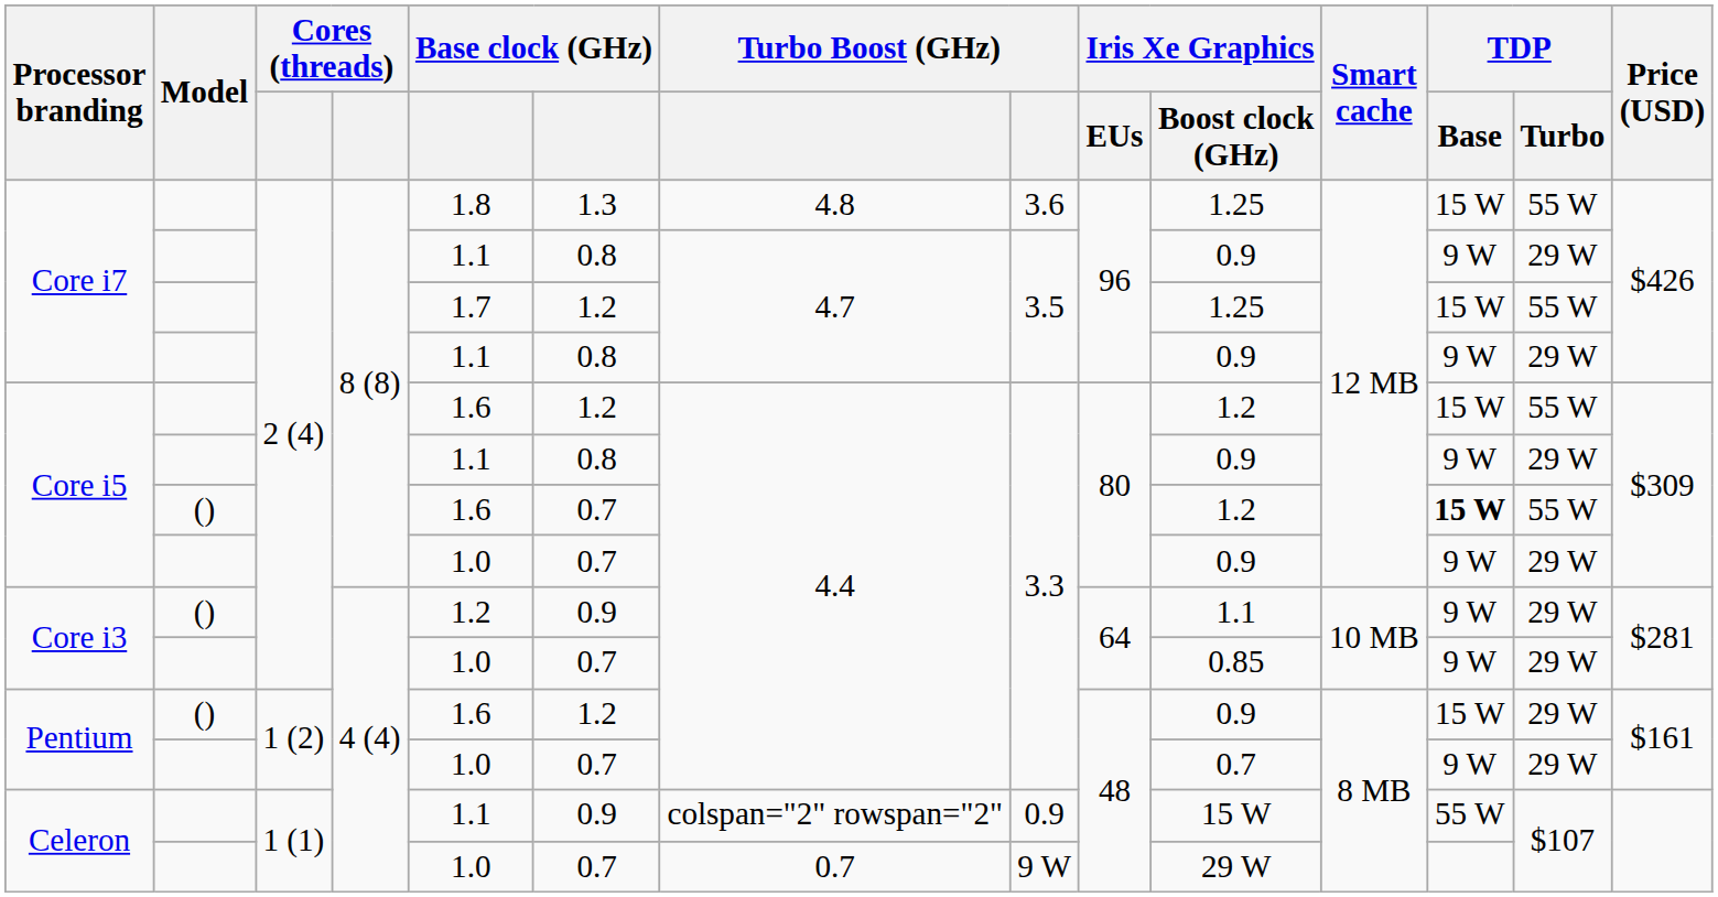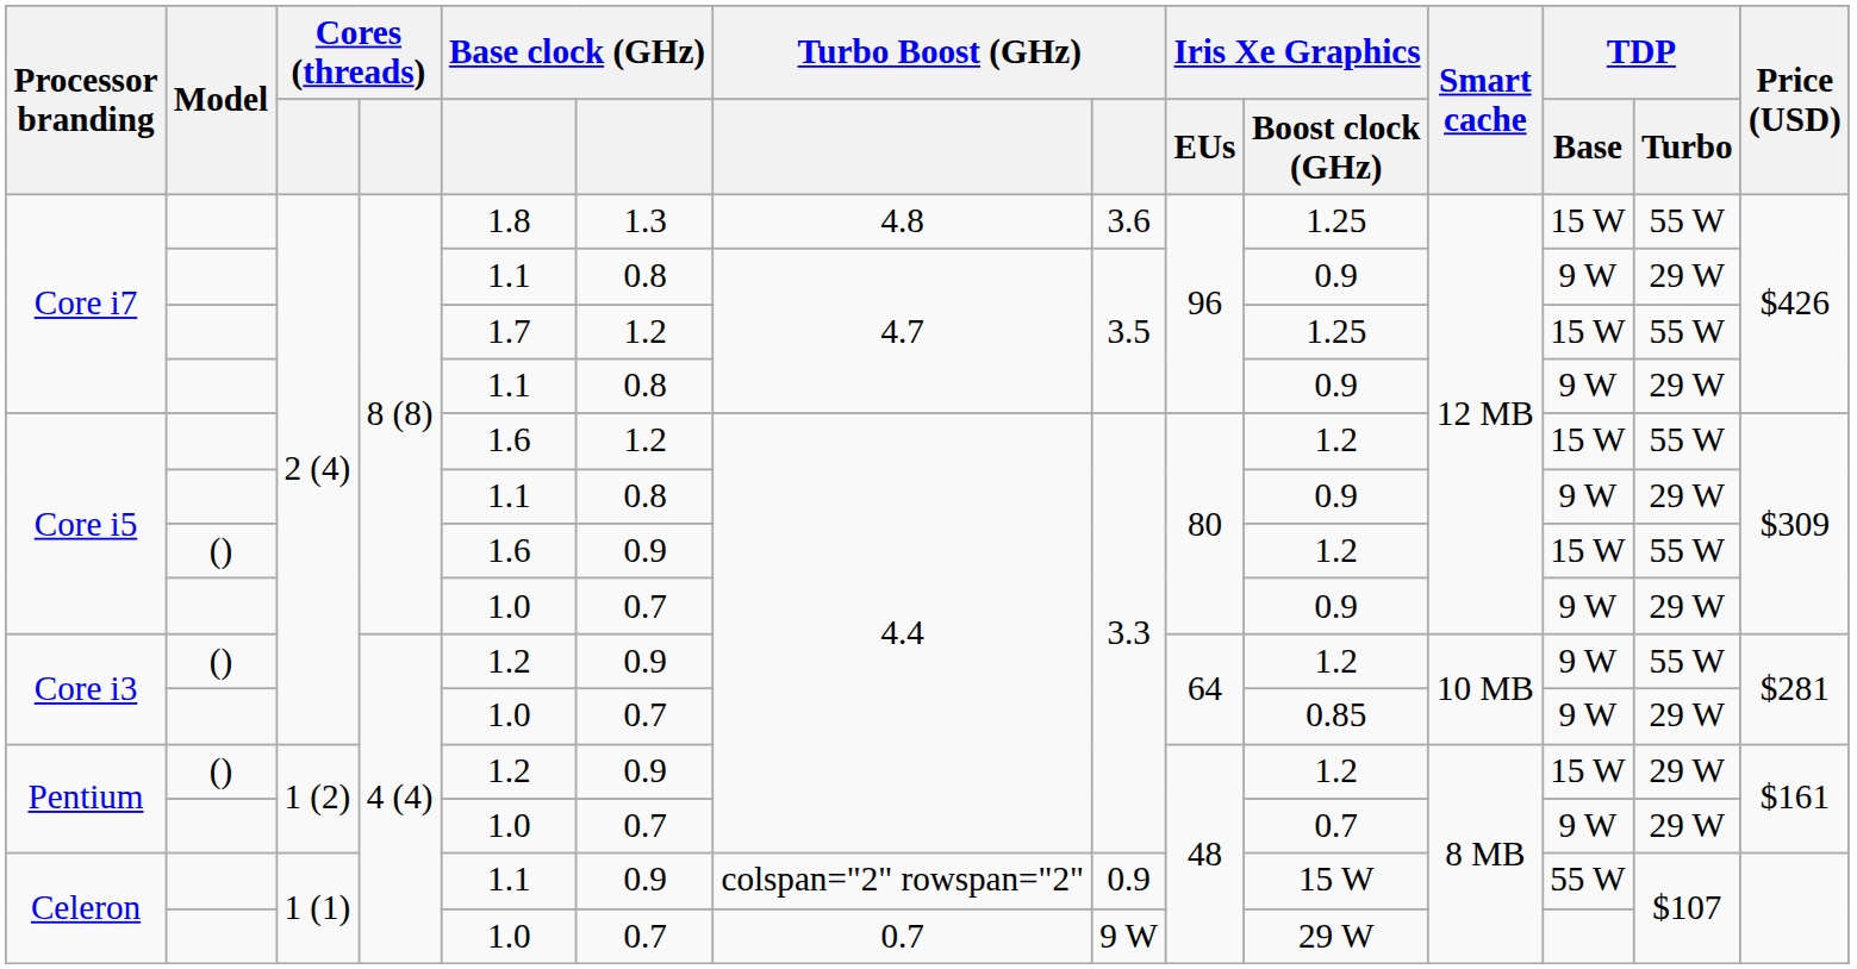 <table class="wikitable sortable" style="text-align:center;">
 <tr>
 <th rowspan="2">Processor <br> branding</th>
 <th rowspan="2">Model</th>
 <th colspan="2"><a href='#'>Cores</a><br>(<a href='#'>threads</a>)</th>
 <th colspan="2"><a href='#'>Base clock</a> (GHz)</th>
 <th colspan="2"><a href='#'>Turbo Boost</a> (GHz)</th>
 <th colspan="2"><a href='#'>Iris Xe Graphics</a></th>
 <th rowspan="2"><a href='#'>Smart <br> cache</a></th>
 <th colspan="2"><a href='#'>TDP</a></th>
 <th rowspan="2">Price <br> (USD)</th>
 </tr>
 <tr>
 <th></th>
 <th></th>
 <th></th>
 <th></th>
 <th></th>
 <th></th>
 <th>EUs</th>
 <th>Boost clock<br>(GHz)</th>
 <th>Base</th>
 <th>Turbo</th>
 </tr>
 <tr>
 <td rowspan="4"><a href='#'>Core i7</a></td>
 <td></td>
 <td rowspan="10">2 (4)</td>
 <td rowspan="8">8 (8)</td>
 <td>1.8</td>
 <td>1.3</td>
 <td>4.8</td>
 <td>3.6</td>
 <td rowspan="4">96</td>
 <td>1.25</td>
 <td rowspan="8">12 MB</td>
 <td>15 W</td>
 <td>55 W</td>
 <td rowspan="4">$426</td>
 </tr>
 <tr>
 <td></td>
 <td>1.1</td>
 <td>0.8</td>
 <td rowspan="3">4.7</td>
 <td rowspan="3">3.5</td>
 <td>0.9</td>
 <td>9 W</td>
 <td>29 W</td>
 </tr>
 <tr>
 <td></td>
 <td>1.7</td>
 <td>1.2</td>
 <td>1.25</td>
 <td>15 W</td>
 <td>55 W</td>
 </tr>
 <tr>
 <td></td>
 <td>1.1</td>
 <td>0.8</td>
 <td>0.9</td>
 <td>9 W</td>
 <td>29 W</td>
 </tr>
 <tr>
 <td rowspan="4"><a href='#'>Core i5</a></td>
 <td></td>
 <td>1.6</td>
 <td>1.2</td>
 <td rowspan="8">4.4</td>
 <td rowspan="8">3.3</td>
 <td rowspan="4">80</td>
 <td>1.2</td>
 <td>15 W</td>
 <td>55 W</td>
 <td rowspan="4">$309</td>
 </tr>
 <tr>
 <td></td>
 <td>1.1</td>
 <td>0.8</td>
 <td>0.9</td>
 <td>9 W</td>
 <td>29 W</td>
 </tr>
 <tr>
 <td> ()</td>
 <td>1.6</td>
-<td>0.7</td>
+<td>0.9</td>
 <td>1.2</td>
-<td><strong>15 W</strong></td>
+<td>15 W</td>
 <td>55 W</td>
 </tr>
 <tr>
 <td></td>
 <td>1.0</td>
 <td>0.7</td>
 <td>0.9</td>
 <td>9 W</td>
 <td>29 W</td>
 </tr>
 <tr>
 <td rowspan="2"><a href='#'>Core i3</a></td>
 <td> ()</td>
 <td rowspan="6">4 (4)</td>
 <td>1.2</td>
 <td>0.9</td>
 <td rowspan="2">64</td>
-<td>1.1</td>
+<td>1.2</td>
 <td rowspan="2">10 MB</td>
 <td>9 W</td>
-<td>29 W</td>
+<td>55 W</td>
 <td rowspan="2">$281</td>
 </tr>
 <tr>
 <td></td>
 <td>1.0</td>
 <td>0.7</td>
 <td>0.85</td>
 <td>9 W</td>
 <td>29 W</td>
 </tr>
 <tr>
 <td rowspan="2"><a href='#'>Pentium</a></td>
 <td> ()</td>
 <td rowspan="2">1 (2)</td>
-<td>1.6</td>
 <td>1.2</td>
+<td>0.9</td>
 <td rowspan="4">48</td>
-<td>0.9</td>
+<td>1.2</td>
 <td rowspan="4">8 MB</td>
 <td>15 W</td>
 <td>29 W</td>
 <td rowspan="2">$161</td>
 </tr>
 <tr>
 <td></td>
 <td>1.0</td>
 <td>0.7</td>
 <td>0.7</td>
 <td>9 W</td>
 <td>29 W</td>
 </tr>
 <tr>
 <td rowspan="2"><a href='#'>Celeron</a></td>
 <td></td>
 <td rowspan="2">1 (1)</td>
 <td>1.1</td>
 <td>0.9</td>
 <td>colspan="2" rowspan="2" </td>
 <td>0.9</td>
 <td>15 W</td>
 <td>55 W</td>
 <td rowspan="2">$107</td>
 </tr>
 <tr>
 <td></td>
 <td>1.0</td>
 <td>0.7</td>
 <td>0.7</td>
 <td>9 W</td>
 <td>29 W</td>
 </tr>
 </table>
